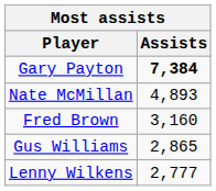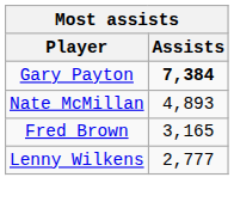 <table class="wikitable sortable" style="text-align:center">
 <tr>
 <th colspan="2" style="text-align:center; ">Most assists</th>
 </tr>
 <tr>
 <th style="text-align:center; ">Player</th>
 <th style="text-align:center; ">Assists</th>
 </tr>
 <tr>
 <td><a href='#'>Gary Payton</a></td>
 <td><strong>7,384</strong></td>
 </tr>
 <tr>
 <td><a href='#'>Nate McMillan</a></td>
 <td>4,893</td>
 </tr>
 <tr>
 <td><a href='#'>Fred Brown</a></td>
-<td>3,160</td>
-</tr>
-<tr>
-<td><a href='#'>Gus Williams</a></td>
-<td>2,865</td>
+<td>3,165</td>
 </tr>
 <tr>
 <td><a href='#'>Lenny Wilkens</a></td>
 <td>2,777</td>
 </tr>
 </table>
